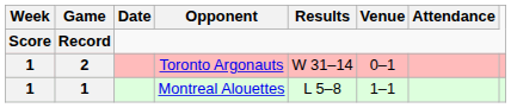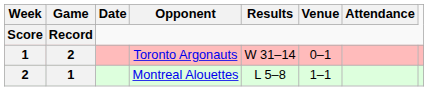 <table class="wikitable" style="text-align:center">
 <tr>
 <th>Week</th>
 <th>Game</th>
 <th>Date</th>
 <th>Opponent</th>
 <th>Results</th>
 <th>Venue</th>
 <th>Attendance</th>
 </tr>
 <tr>
 <th>Score</th>
 <th>Record</th>
 </tr>
 <tr style="background:#ffbbbb">
 <th>1</th>
 <th>2</th>
 <td></td>
 <td><a href='#'>Toronto Argonauts</a></td>
 <td>W 31–14</td>
 <td>0–1</td>
 <td></td>
 <td></td>
 </tr>
 <tr style="background:#ddffdd">
-<th>1</th>
+<th>2</th>
 <th>1</th>
 <td></td>
 <td><a href='#'>Montreal Alouettes</a></td>
 <td>L 5–8</td>
 <td>1–1</td>
 <td></td>
 <td></td>
 </tr>
 </table>
